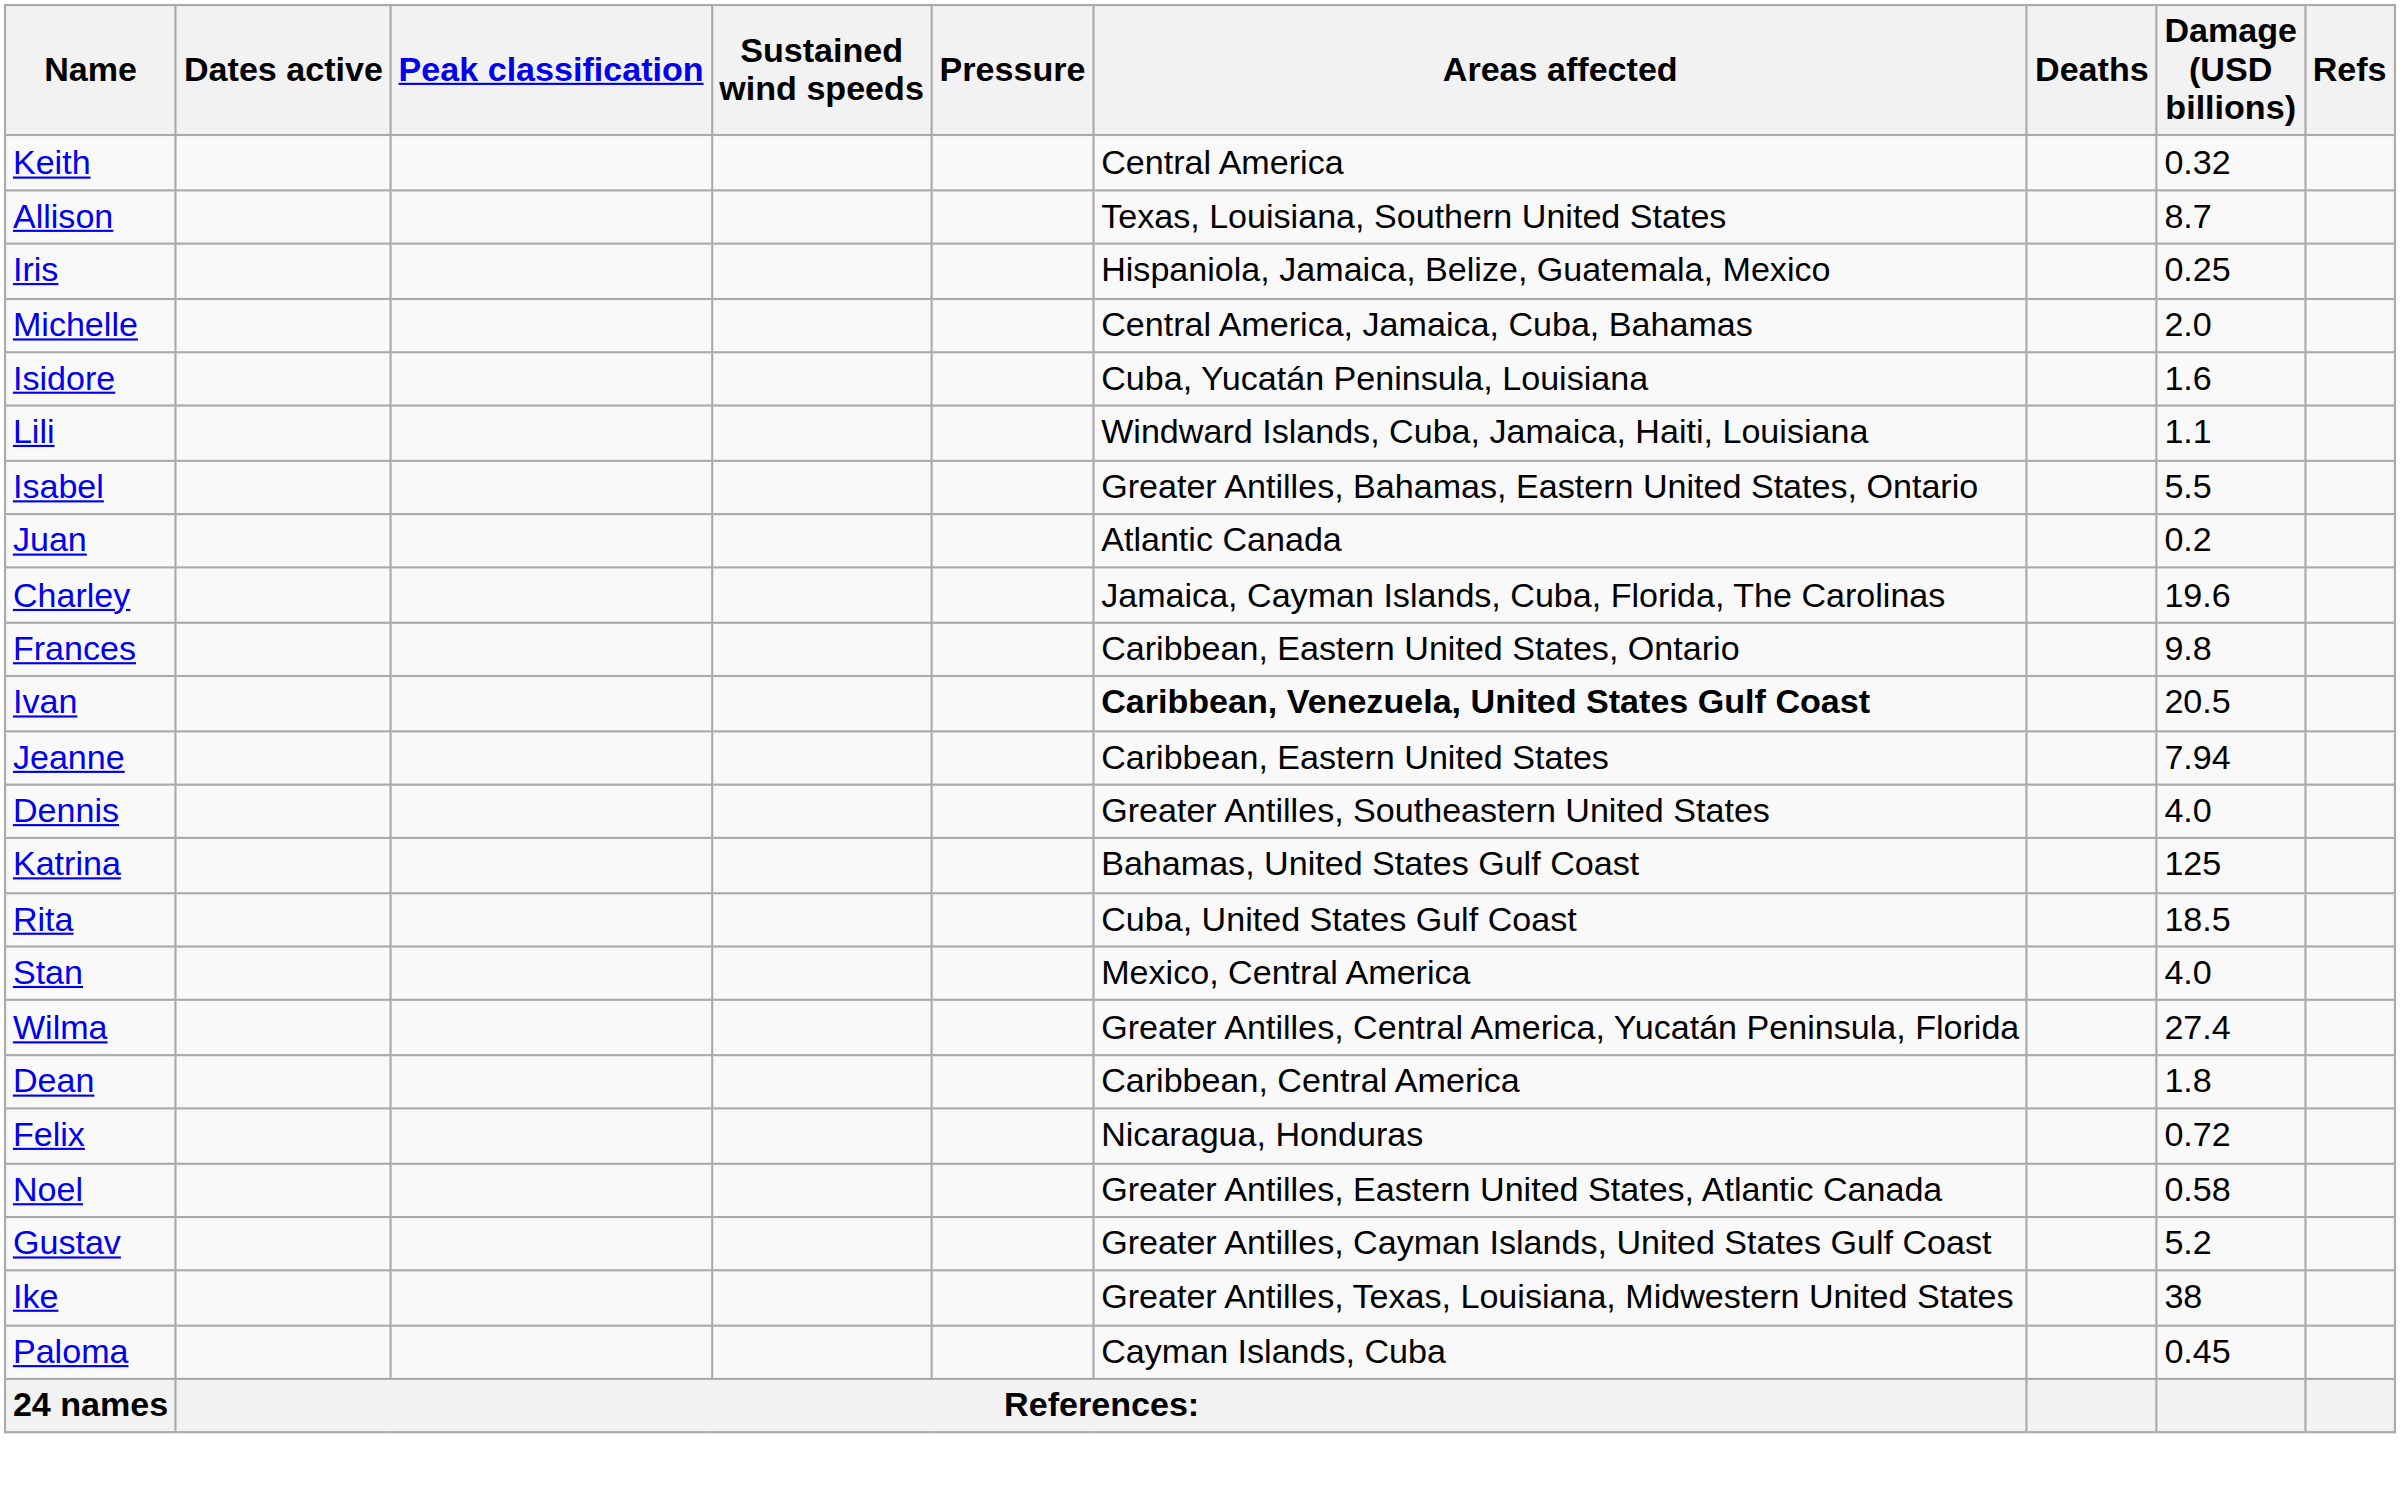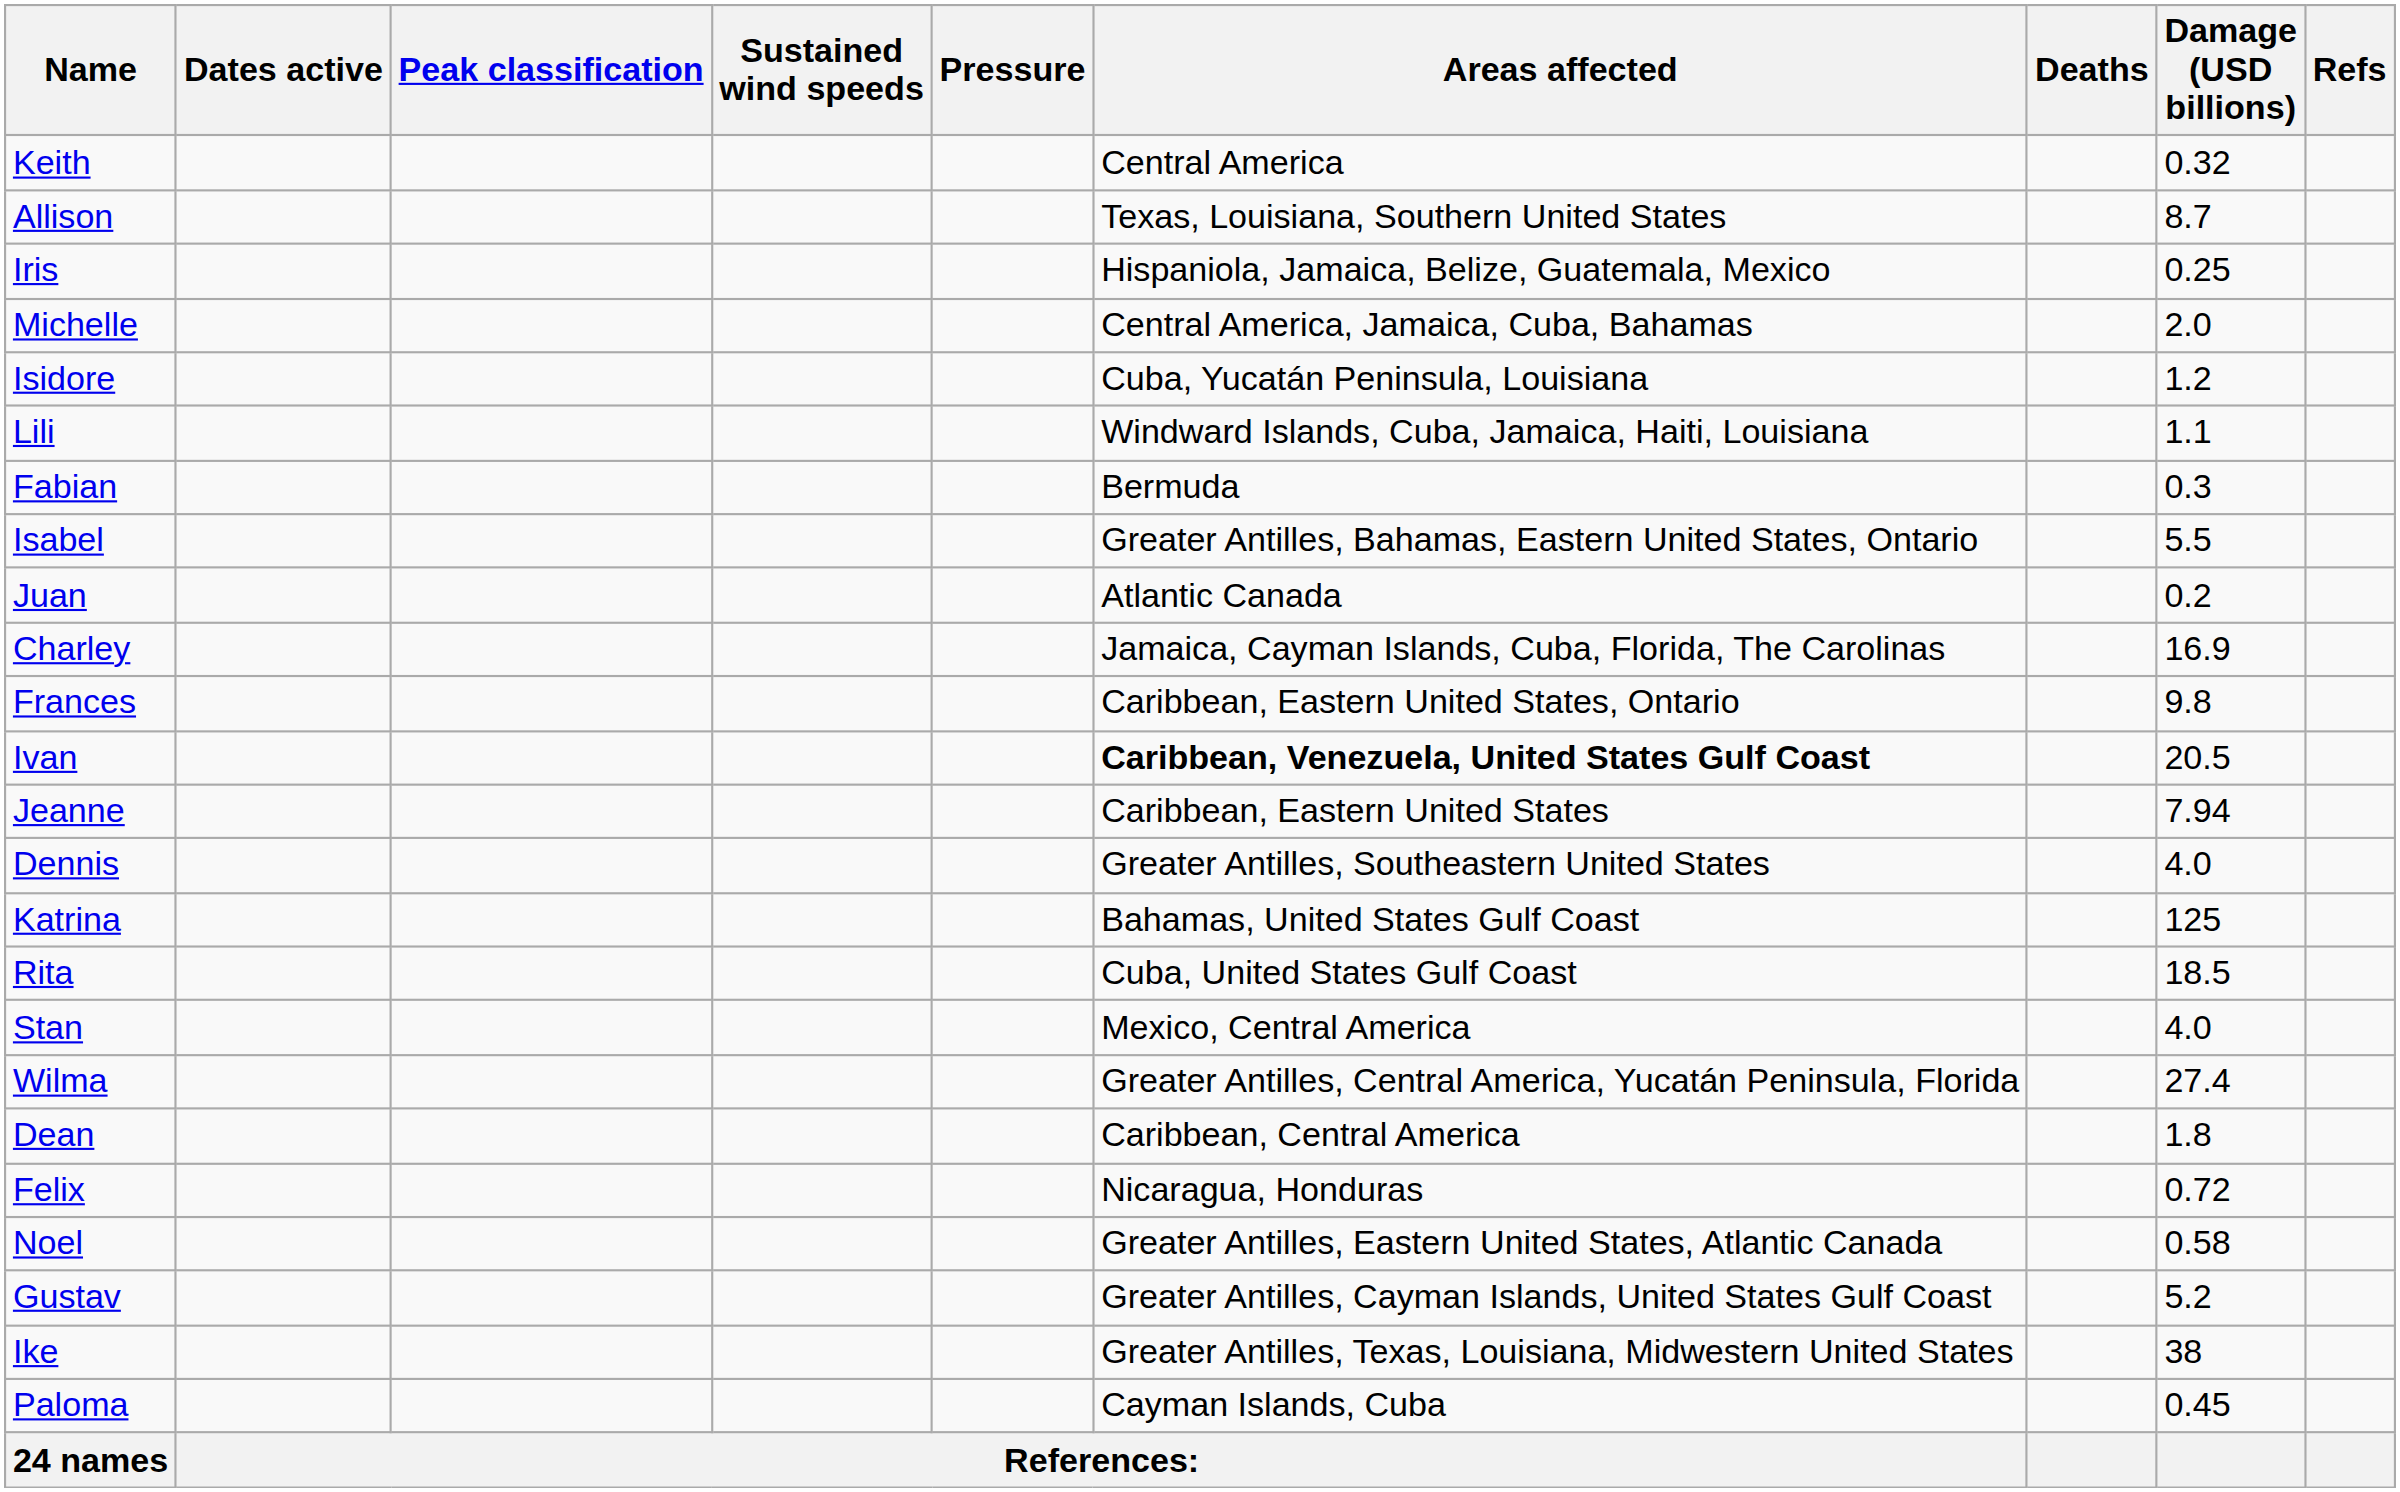 <table class="wikitable sortable col7right col8right">
 <tr>
 <th>Name</th>
 <th>Dates active</th>
 <th><a href='#'>Peak classification</a></th>
 <th>Sustained<br>wind speeds</th>
 <th>Pressure</th>
 <th class="unsortable">Areas affected</th>
 <th>Deaths</th>
 <th>Damage<br>(USD<br>billions)</th>
 <th class="unsortable">Refs</th>
 </tr>
 <tr>
 <td><a href='#'>Keith</a></td>
 <td></td>
 <td></td>
 <td></td>
 <td></td>
 <td>Central America</td>
 <td></td>
 <td>0.32</td>
 <td></td>
 </tr>
 <tr>
 <td><a href='#'>Allison</a></td>
 <td></td>
 <td></td>
 <td></td>
 <td></td>
 <td>Texas, Louisiana, Southern United States</td>
 <td></td>
 <td>8.7</td>
 <td></td>
 </tr>
 <tr>
 <td><a href='#'>Iris</a></td>
 <td></td>
 <td></td>
 <td></td>
 <td></td>
 <td>Hispaniola, Jamaica, Belize, Guatemala, Mexico</td>
 <td></td>
 <td>0.25</td>
 <td></td>
 </tr>
 <tr>
 <td><a href='#'>Michelle</a></td>
 <td></td>
 <td></td>
 <td></td>
 <td></td>
 <td>Central America, Jamaica, Cuba, Bahamas</td>
 <td></td>
 <td>2.0</td>
 <td></td>
 </tr>
 <tr>
 <td><a href='#'>Isidore</a></td>
 <td></td>
 <td></td>
 <td></td>
 <td></td>
 <td>Cuba, Yucatán Peninsula, Louisiana</td>
 <td></td>
-<td>1.6</td>
+<td>1.2</td>
 <td></td>
 </tr>
 <tr>
 <td><a href='#'>Lili</a></td>
 <td></td>
 <td></td>
 <td></td>
 <td></td>
 <td>Windward Islands, Cuba, Jamaica, Haiti, Louisiana</td>
 <td></td>
 <td>1.1</td>
+<td></td>
+</tr>
+<tr>
+<td><a href='#'>Fabian</a></td>
+<td></td>
+<td></td>
+<td></td>
+<td></td>
+<td>Bermuda</td>
+<td></td>
+<td>0.3</td>
 <td></td>
 </tr>
 <tr>
 <td><a href='#'>Isabel</a></td>
 <td></td>
 <td></td>
 <td></td>
 <td></td>
 <td>Greater Antilles, Bahamas, Eastern United States, Ontario</td>
 <td></td>
 <td>5.5</td>
 <td></td>
 </tr>
 <tr>
 <td><a href='#'>Juan</a></td>
 <td></td>
 <td></td>
 <td></td>
 <td></td>
 <td>Atlantic Canada</td>
 <td></td>
 <td>0.2</td>
 <td></td>
 </tr>
 <tr>
 <td><a href='#'>Charley</a></td>
 <td></td>
 <td></td>
 <td></td>
 <td></td>
 <td>Jamaica, Cayman Islands, Cuba, Florida, The Carolinas</td>
 <td></td>
-<td>19.6</td>
+<td>16.9</td>
 <td></td>
 </tr>
 <tr>
 <td><a href='#'>Frances</a></td>
 <td></td>
 <td></td>
 <td></td>
 <td></td>
 <td>Caribbean, Eastern United States, Ontario</td>
 <td></td>
 <td>9.8</td>
 <td></td>
 </tr>
 <tr>
 <td><a href='#'>Ivan</a></td>
 <td></td>
 <td></td>
 <td></td>
 <td></td>
 <td><strong>Caribbean, Venezuela, United States Gulf Coast</strong></td>
 <td></td>
 <td>20.5</td>
 <td></td>
 </tr>
 <tr>
 <td><a href='#'>Jeanne</a></td>
 <td></td>
 <td></td>
 <td></td>
 <td></td>
 <td>Caribbean, Eastern United States</td>
 <td></td>
 <td>7.94</td>
 <td></td>
 </tr>
 <tr>
 <td><a href='#'>Dennis</a></td>
 <td></td>
 <td></td>
 <td></td>
 <td></td>
 <td>Greater Antilles, Southeastern United States</td>
 <td></td>
 <td>4.0</td>
 <td></td>
 </tr>
 <tr>
 <td><a href='#'>Katrina</a></td>
 <td></td>
 <td></td>
 <td></td>
 <td></td>
 <td>Bahamas, United States Gulf Coast</td>
 <td></td>
 <td>125</td>
 <td></td>
 </tr>
 <tr>
 <td><a href='#'>Rita</a></td>
 <td></td>
 <td></td>
 <td></td>
 <td></td>
 <td>Cuba, United States Gulf Coast</td>
 <td></td>
 <td>18.5</td>
 <td></td>
 </tr>
 <tr>
 <td><a href='#'>Stan</a></td>
 <td></td>
 <td></td>
 <td></td>
 <td></td>
 <td>Mexico, Central America</td>
 <td></td>
 <td>4.0</td>
 <td></td>
 </tr>
 <tr>
 <td><a href='#'>Wilma</a></td>
 <td></td>
 <td></td>
 <td></td>
 <td></td>
 <td>Greater Antilles, Central America, Yucatán Peninsula, Florida</td>
 <td></td>
 <td>27.4</td>
 <td></td>
 </tr>
 <tr>
 <td><a href='#'>Dean</a></td>
 <td></td>
 <td></td>
 <td></td>
 <td></td>
 <td>Caribbean, Central America</td>
 <td></td>
 <td>1.8</td>
 <td></td>
 </tr>
 <tr>
 <td><a href='#'>Felix</a></td>
 <td></td>
 <td></td>
 <td></td>
 <td></td>
 <td>Nicaragua, Honduras</td>
 <td></td>
 <td>0.72</td>
 <td></td>
 </tr>
 <tr>
 <td><a href='#'>Noel</a></td>
 <td></td>
 <td></td>
 <td></td>
 <td></td>
 <td>Greater Antilles, Eastern United States, Atlantic Canada</td>
 <td></td>
 <td>0.58</td>
 <td></td>
 </tr>
 <tr>
 <td><a href='#'>Gustav</a></td>
 <td></td>
 <td></td>
 <td></td>
 <td></td>
 <td>Greater Antilles, Cayman Islands, United States Gulf Coast</td>
 <td></td>
 <td>5.2</td>
 <td></td>
 </tr>
 <tr>
 <td><a href='#'>Ike</a></td>
 <td></td>
 <td></td>
 <td></td>
 <td></td>
 <td>Greater Antilles, Texas, Louisiana, Midwestern United States</td>
 <td></td>
 <td>38</td>
 <td></td>
 </tr>
 <tr>
 <td><a href='#'>Paloma</a></td>
 <td></td>
 <td></td>
 <td></td>
 <td></td>
 <td>Cayman Islands, Cuba</td>
 <td></td>
 <td>0.45</td>
 <td></td>
 </tr>
 <tr class="sortbottom">
 <th>24 names</th>
 <th colspan=5>References:</th>
 <th></th>
 <th></th>
 <th></th>
 </tr>
 </table>
